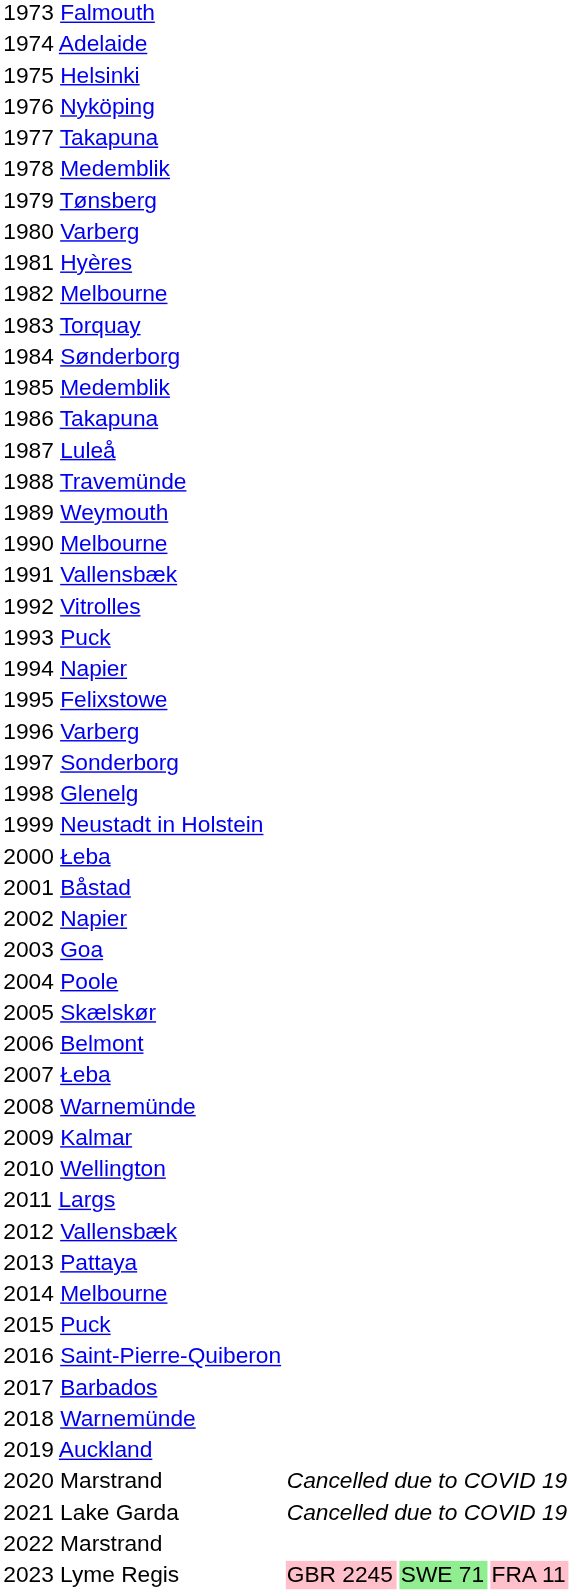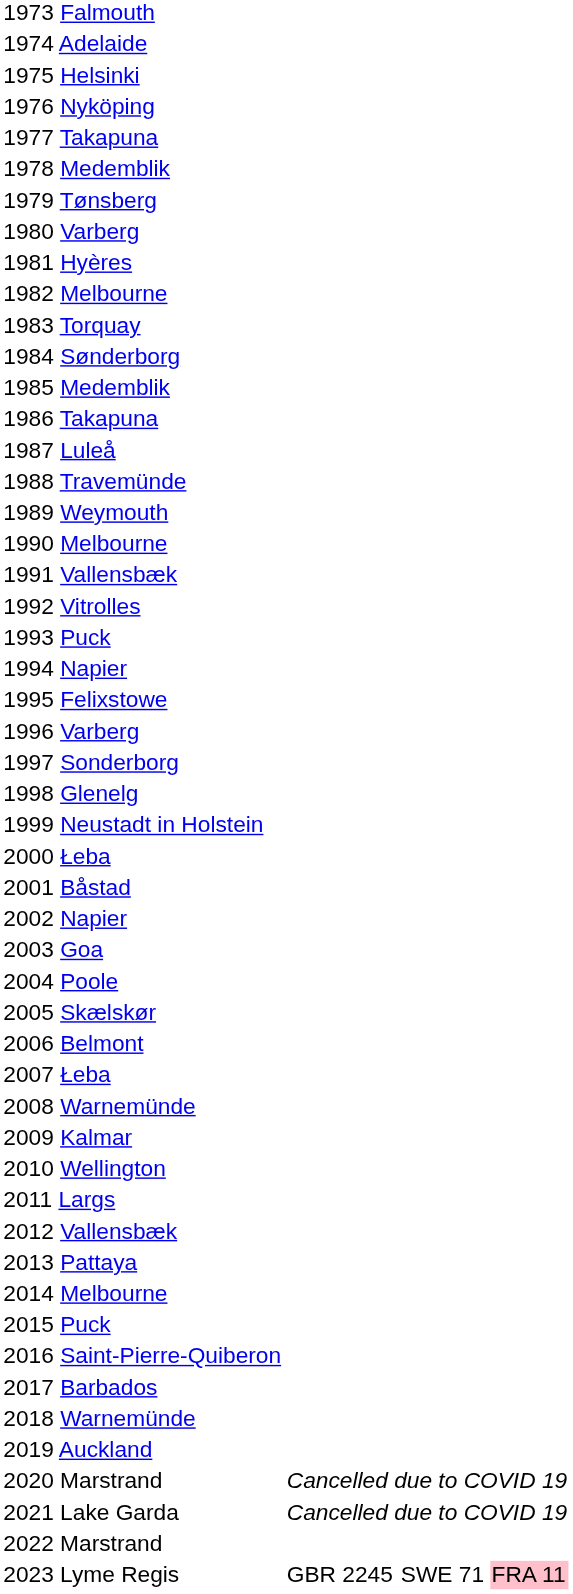 <table>
 <tr>
 <td>1973 <a href='#'>Falmouth</a></td>
 <td></td>
 <td></td>
 <td></td>
 </tr>
 <tr>
 <td>1974 <a href='#'>Adelaide</a></td>
 <td></td>
 <td></td>
 <td></td>
 </tr>
 <tr>
 <td>1975 <a href='#'>Helsinki</a></td>
 <td></td>
 <td></td>
 <td></td>
 </tr>
 <tr>
 <td>1976 <a href='#'>Nyköping</a></td>
 <td></td>
 <td></td>
 <td></td>
 </tr>
 <tr>
 <td>1977 <a href='#'>Takapuna</a></td>
 <td></td>
 <td></td>
 <td></td>
 <td></td>
 </tr>
 <tr>
 <td>1978 <a href='#'>Medemblik</a></td>
 <td></td>
 <td></td>
 <td></td>
 <td></td>
 </tr>
 <tr>
 <td>1979 <a href='#'>Tønsberg</a></td>
 <td></td>
 <td></td>
 <td></td>
 <td></td>
 </tr>
 <tr>
 <td>1980 <a href='#'>Varberg</a></td>
 <td></td>
 <td></td>
 <td></td>
 <td></td>
 </tr>
 <tr>
 <td>1981 <a href='#'>Hyères</a></td>
 <td></td>
 <td></td>
 <td></td>
 <td></td>
 </tr>
 <tr>
 <td>1982 <a href='#'>Melbourne</a></td>
 <td></td>
 <td></td>
 <td></td>
 <td></td>
 </tr>
 <tr>
 <td>1983 <a href='#'>Torquay</a></td>
 <td></td>
 <td></td>
 <td></td>
 <td></td>
 </tr>
 <tr>
 <td>1984 <a href='#'>Sønderborg</a></td>
 <td></td>
 <td></td>
 <td></td>
 </tr>
 <tr>
 <td>1985 <a href='#'>Medemblik</a></td>
 <td></td>
 <td></td>
 <td></td>
 </tr>
 <tr>
 <td>1986 <a href='#'>Takapuna</a></td>
 <td></td>
 <td></td>
 <td></td>
 </tr>
 <tr>
 <td>1987 <a href='#'>Luleå</a></td>
 <td></td>
 <td></td>
 <td></td>
 </tr>
 <tr>
 <td>1988 <a href='#'>Travemünde</a></td>
 <td></td>
 <td></td>
 <td></td>
 <td></td>
 </tr>
 <tr>
 <td>1989 <a href='#'>Weymouth</a></td>
 <td></td>
 <td></td>
 <td></td>
 <td></td>
 </tr>
 <tr>
 <td>1990 <a href='#'>Melbourne</a></td>
 <td></td>
 <td></td>
 <td></td>
 <td></td>
 </tr>
 <tr>
 <td>1991 <a href='#'>Vallensbæk</a></td>
 <td></td>
 <td></td>
 <td></td>
 <td></td>
 </tr>
 <tr>
 <td>1992 <a href='#'>Vitrolles</a></td>
 <td></td>
 <td></td>
 <td></td>
 </tr>
 <tr>
 <td>1993 <a href='#'>Puck</a></td>
 <td></td>
 <td></td>
 <td></td>
 </tr>
 <tr>
 <td>1994 <a href='#'>Napier</a></td>
 <td></td>
 <td></td>
 <td></td>
 <td></td>
 </tr>
 <tr>
 <td>1995 <a href='#'>Felixstowe</a></td>
 <td></td>
 <td></td>
 <td></td>
 <td></td>
 </tr>
 <tr>
 <td>1996 <a href='#'>Varberg</a></td>
 <td></td>
 <td></td>
 <td></td>
 </tr>
 <tr>
 <td>1997 <a href='#'>Sonderborg</a></td>
 <td></td>
 <td></td>
 <td></td>
 <td></td>
 </tr>
 <tr>
 <td>1998 <a href='#'>Glenelg</a></td>
 <td></td>
 <td></td>
 <td></td>
 <td></td>
 </tr>
 <tr>
 <td>1999 <a href='#'>Neustadt in Holstein</a></td>
 <td></td>
 <td></td>
 <td></td>
 <td></td>
 </tr>
 <tr>
 <td>2000 <a href='#'>Łeba</a></td>
 <td></td>
 <td></td>
 <td></td>
 <td></td>
 </tr>
 <tr>
 <td>2001 <a href='#'>Båstad</a></td>
 <td></td>
 <td></td>
 <td></td>
 <td></td>
 </tr>
 <tr>
 <td>2002 <a href='#'>Napier</a></td>
 <td></td>
 <td></td>
 <td></td>
 <td></td>
 </tr>
 <tr>
 <td>2003 <a href='#'>Goa</a></td>
 <td></td>
 <td></td>
 <td></td>
 <td></td>
 </tr>
 <tr>
 <td>2004 <a href='#'>Poole</a></td>
 <td></td>
 <td></td>
 <td></td>
 <td></td>
 </tr>
 <tr>
 <td>2005 <a href='#'>Skælskør</a></td>
 <td></td>
 <td></td>
 <td></td>
 <td></td>
 </tr>
 <tr>
 <td>2006 <a href='#'>Belmont</a></td>
 <td></td>
 <td></td>
 <td></td>
 <td></td>
 </tr>
 <tr>
 <td>2007 <a href='#'>Łeba</a></td>
 <td></td>
 <td></td>
 <td></td>
 <td></td>
 </tr>
 <tr>
 <td>2008 <a href='#'>Warnemünde</a></td>
 <td></td>
 <td></td>
 <td></td>
 <td></td>
 </tr>
 <tr>
 <td>2009 <a href='#'>Kalmar</a></td>
 <td></td>
 <td></td>
 <td></td>
 <td></td>
 </tr>
 <tr>
 <td>2010 <a href='#'>Wellington</a></td>
 <td></td>
 <td></td>
 <td></td>
 <td></td>
 </tr>
 <tr>
 <td>2011 <a href='#'>Largs</a></td>
 <td></td>
 <td></td>
 <td></td>
 <td></td>
 </tr>
 <tr>
 <td>2012 <a href='#'>Vallensbæk</a></td>
 <td></td>
 <td></td>
 <td></td>
 <td></td>
 </tr>
 <tr>
 <td>2013 <a href='#'>Pattaya</a></td>
 <td></td>
 <td></td>
 <td></td>
 <td></td>
 </tr>
 <tr>
 <td>2014 <a href='#'>Melbourne</a></td>
 <td></td>
 <td></td>
 <td></td>
 <td></td>
 </tr>
 <tr>
 <td>2015 <a href='#'>Puck</a></td>
 <td></td>
 <td></td>
 <td></td>
 <td></td>
 </tr>
 <tr>
 <td>2016 <a href='#'>Saint-Pierre-Quiberon</a></td>
 <td></td>
 <td></td>
 <td></td>
 <td></td>
 </tr>
 <tr>
 <td>2017 <a href='#'>Barbados</a></td>
 <td></td>
 <td></td>
 <td></td>
 <td></td>
 </tr>
 <tr>
 <td>2018 <a href='#'>Warnemünde</a></td>
 <td></td>
 <td></td>
 <td></td>
 <td></td>
 </tr>
 <tr>
 <td>2019 <a href='#'>Auckland</a></td>
 <td></td>
 <td></td>
 <td></td>
 <td></td>
 </tr>
 <tr>
 <td>2020 Marstrand</td>
 <td colspan=3 align=center><em>Cancelled due to COVID 19</em></td>
 <td></td>
 </tr>
 <tr>
 <td>2021 Lake Garda</td>
 <td colspan=3 align=center><em>Cancelled due to COVID 19</em></td>
 <td></td>
 </tr>
 <tr>
 <td>2022 Marstrand</td>
 <td></td>
 <td></td>
 <td></td>
 <td></td>
 </tr>
 <tr>
 <td>2023 Lyme Regis</td>
-<td style="background: pink;">GBR 2245<br></td>
-<td style="background: lightgreen;">SWE 71<br></td>
+<td>GBR 2245<br></td>
+<td>SWE 71<br></td>
 <td style="background: pink;">FRA 11<br></td>
 <td></td>
 </tr>
 </table>
